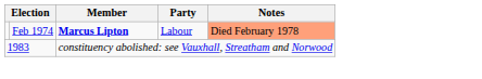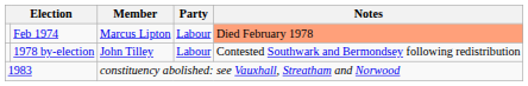 <table class="wikitable">
 <tr>
 <th colspan="2">Election</th>
 <th>Member</th>
 <th>Party</th>
 <th>Notes</th>
 </tr>
 <tr>
 <td style="color:inherit;background-color: "></td>
 <td><a href='#'>Feb 1974</a></td>
-<td><strong><a href='#'>Marcus Lipton</a></strong></td>
+<td><a href='#'>Marcus Lipton</a></td>
 <td><a href='#'>Labour</a></td>
 <td style="background: lightsalmon;">Died February 1978</td>
+</tr>
+<tr>
+<td style="color:inherit;background-color: "></td>
+<td><a href='#'>1978 by-election</a></td>
+<td><a href='#'>John Tilley</a></td>
+<td><a href='#'>Labour</a></td>
+<td>Contested <a href='#'>Southwark and Bermondsey</a> following redistribution</td>
 </tr>
 <tr>
 <td colspan="2"><a href='#'>1983</a></td>
 <td colspan="3"><em>constituency abolished: see <a href='#'>Vauxhall</a>, <a href='#'>Streatham</a> and <a href='#'>Norwood</a></em></td>
 </tr>
 </table>
